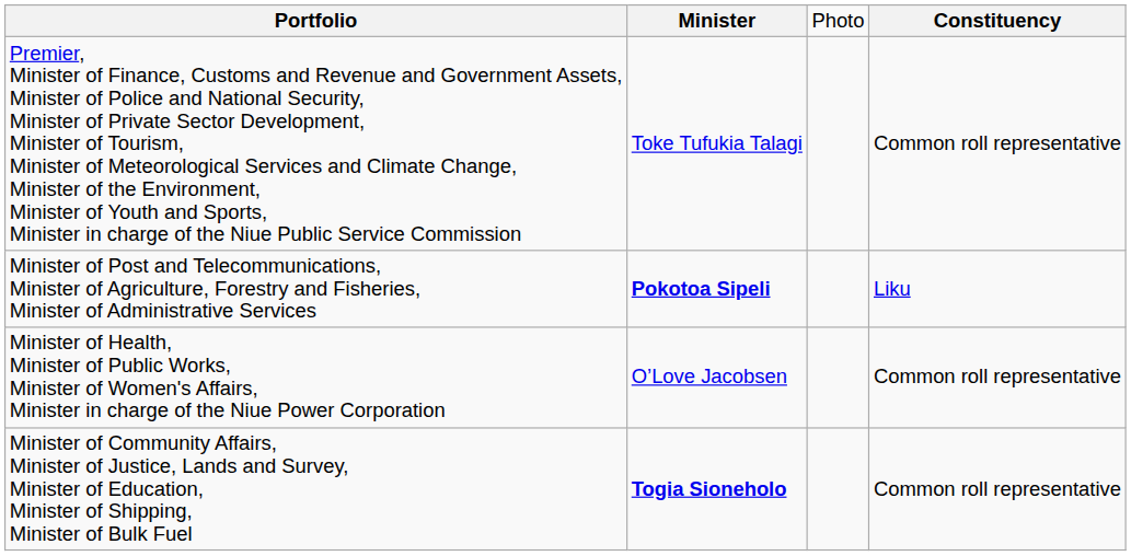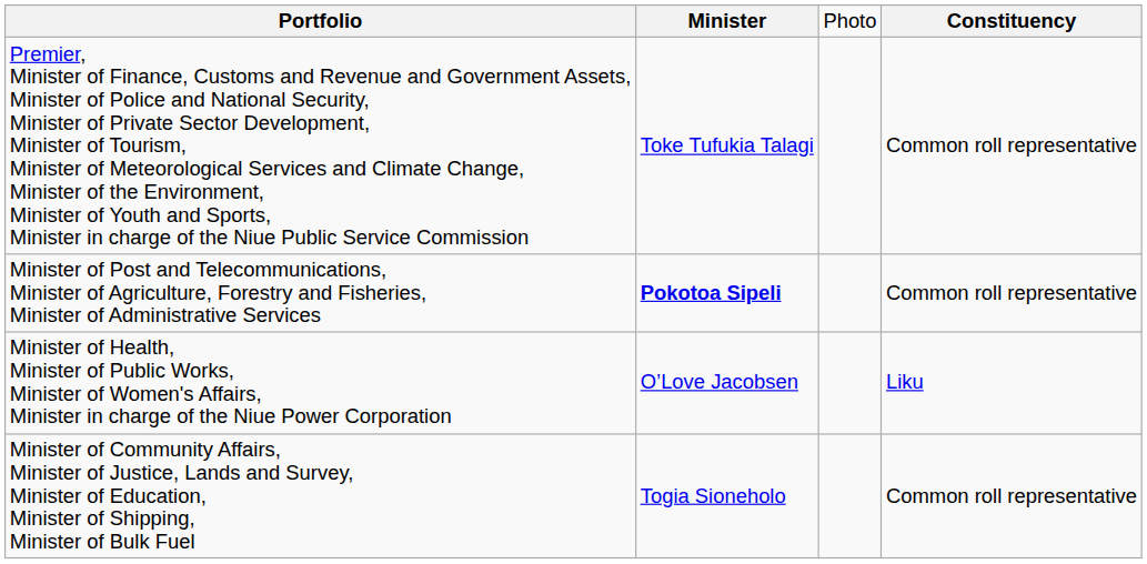 <table class="wikitable">
 <tr>
 <th>Portfolio</th>
 <th>Minister</th>
 <td>Photo</td>
 <th>Constituency</th>
 </tr>
 <tr>
 <td><a href='#'>Premier</a>,<br> Minister of Finance, Customs and Revenue and Government Assets,<br> Minister of Police and National Security,<br> Minister of Private Sector Development,<br> Minister of Tourism,<br> Minister of Meteorological Services and Climate Change,<br> Minister of the Environment,<br> Minister of Youth and Sports,<br> Minister in charge of the Niue Public Service Commission</td>
 <td><a href='#'>Toke Tufukia Talagi</a></td>
 <td></td>
 <td>Common roll representative</td>
 </tr>
 <tr>
 <td>Minister of Post and Telecommunications,<br>  Minister of Agriculture, Forestry and Fisheries,<br> Minister of Administrative Services</td>
 <td><strong><a href='#'>Pokotoa Sipeli</a></strong></td>
 <td></td>
-<td><a href='#'>Liku</a></td>
+<td>Common roll representative</td>
 </tr>
 <tr>
 <td>Minister of Health,<br> Minister of Public Works,<br> Minister of Women's Affairs,<br> Minister in charge of the Niue Power Corporation</td>
 <td><a href='#'>O’Love Jacobsen</a></td>
 <td></td>
-<td>Common roll representative</td>
+<td><a href='#'>Liku</a></td>
 </tr>
 <tr>
 <td>Minister of Community Affairs,<br> Minister of Justice, Lands and Survey,<br> Minister of Education,<br> Minister of Shipping,<br> Minister of Bulk Fuel</td>
-<td><strong><a href='#'>Togia Sioneholo</a></strong></td>
+<td><a href='#'>Togia Sioneholo</a></td>
 <td></td>
 <td>Common roll representative</td>
 </tr>
 </table>
